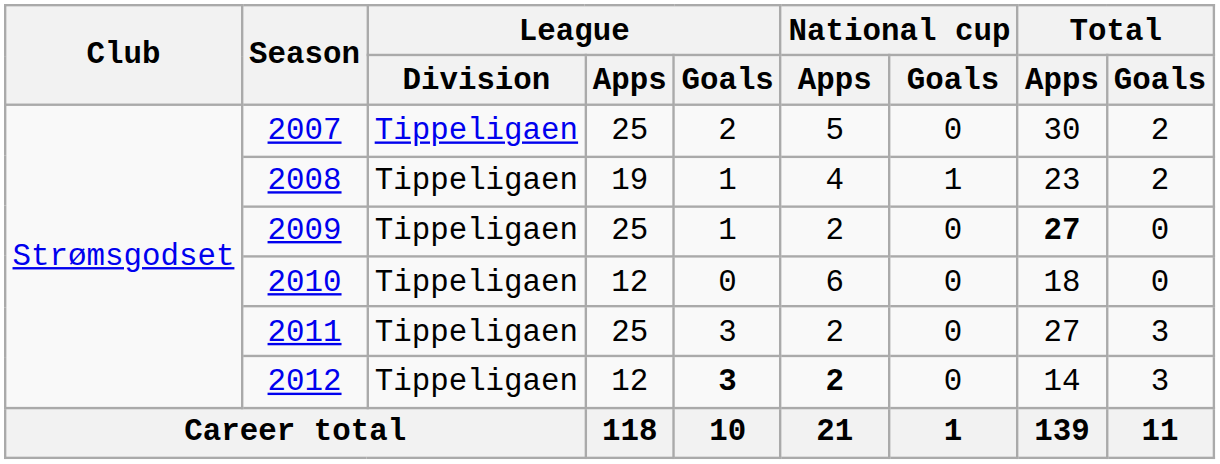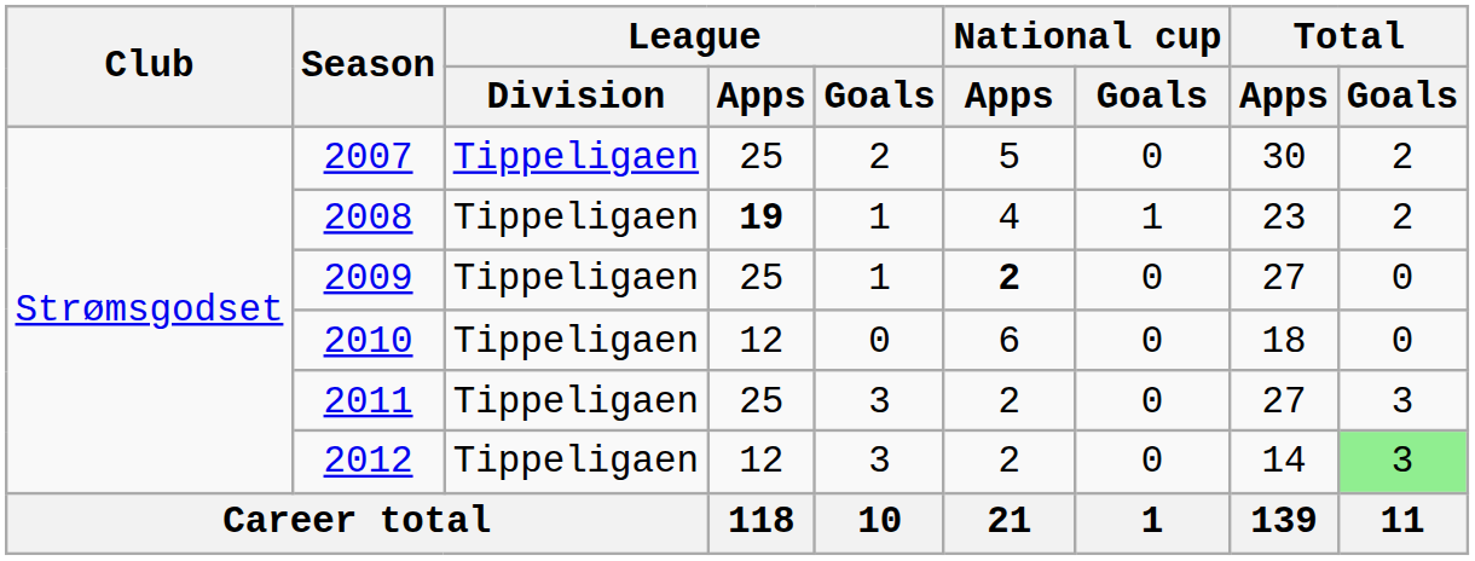 <table class="wikitable" style="text-align:center">
 <tr ¨>
 <th rowspan="2">Club</th>
 <th rowspan="2">Season</th>
 <th colspan="3">League</th>
 <th colspan="2">National cup</th>
 <th colspan="2">Total</th>
 </tr>
 <tr>
 <th>Division</th>
 <th>Apps</th>
 <th>Goals</th>
 <th>Apps</th>
 <th>Goals</th>
 <th>Apps</th>
 <th>Goals</th>
 </tr>
 <tr>
 <td rowspan="6"><a href='#'>Strømsgodset</a></td>
 <td><a href='#'>2007</a></td>
 <td><a href='#'>Tippeligaen</a></td>
 <td>25</td>
 <td>2</td>
 <td>5</td>
 <td>0</td>
 <td>30</td>
 <td>2</td>
 </tr>
 <tr>
 <td><a href='#'>2008</a></td>
 <td>Tippeligaen</td>
-<td>19</td>
+<td><strong>19</strong></td>
 <td>1</td>
 <td>4</td>
 <td>1</td>
 <td>23</td>
 <td>2</td>
 </tr>
 <tr>
 <td><a href='#'>2009</a></td>
 <td>Tippeligaen</td>
 <td>25</td>
 <td>1</td>
-<td>2</td>
+<td><strong>2</strong></td>
 <td>0</td>
-<td><strong>27</strong></td>
+<td>27</td>
 <td>0</td>
 </tr>
 <tr>
 <td><a href='#'>2010</a></td>
 <td>Tippeligaen</td>
 <td>12</td>
 <td>0</td>
 <td>6</td>
 <td>0</td>
 <td>18</td>
 <td>0</td>
 </tr>
 <tr>
 <td><a href='#'>2011</a></td>
 <td>Tippeligaen</td>
 <td>25</td>
 <td>3</td>
 <td>2</td>
 <td>0</td>
 <td>27</td>
 <td>3</td>
 </tr>
 <tr>
 <td><a href='#'>2012</a></td>
 <td>Tippeligaen</td>
 <td>12</td>
-<td><strong>3</strong></td>
-<td><strong>2</strong></td>
+<td>3</td>
+<td>2</td>
 <td>0</td>
 <td>14</td>
-<td>3</td>
+<td style="background: lightgreen;">3</td>
 </tr>
 <tr>
 <th colspan="3">Career total</th>
 <th>118</th>
 <th>10</th>
 <th>21</th>
 <th>1</th>
 <th>139</th>
 <th>11</th>
 </tr>
 </table>
